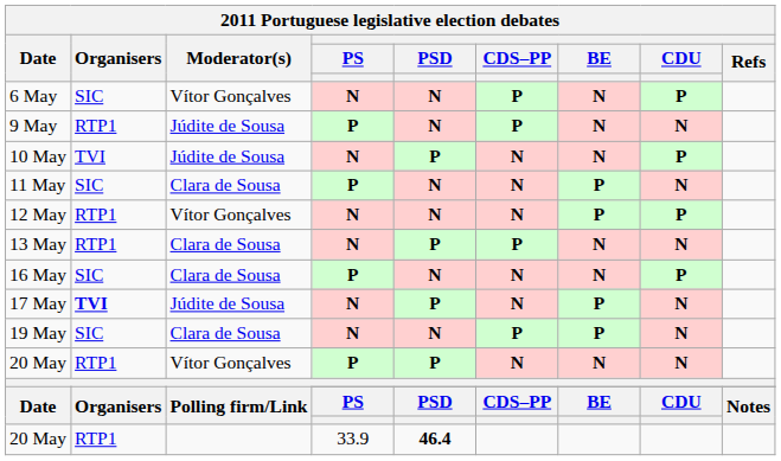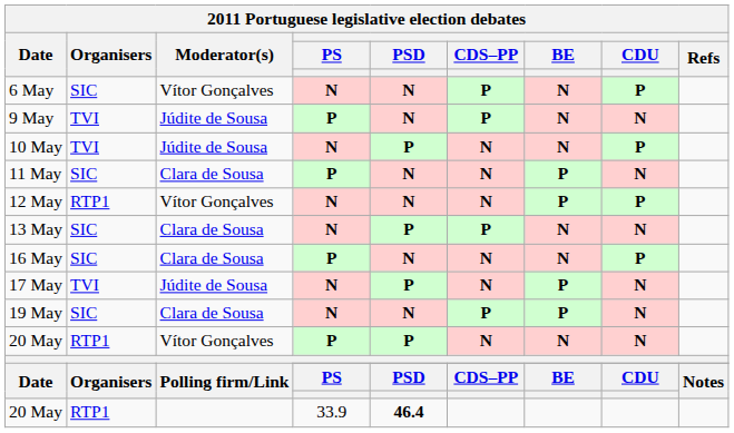 <table class="wikitable" style="font-size:98%; text-align:center;">
 <tr>
 <th colspan="21">2011 Portuguese legislative election debates</th>
 </tr>
 <tr>
 <th rowspan="3">Date</th>
 <th rowspan="3">Organisers</th>
 <th rowspan="3">Moderator(s)</th>
 <th colspan="19">      </th>
 </tr>
 <tr>
 <th scope="col" style="width:4em;"><a href='#'>PS</a><br></th>
 <th scope="col" style="width:4em;"><a href='#'>PSD</a><br></th>
 <th scope="col" style="width:4em;"><a href='#'>CDS–PP</a><br></th>
 <th scope="col" style="width:4em;"><a href='#'>BE</a><br></th>
 <th scope="col" style="width:4em;"><a href='#'>CDU</a><br></th>
 <th rowspan="2">Refs</th>
 </tr>
 <tr>
 <th style="background:"></th>
 <th style="background:"></th>
 <th style="background:"></th>
 <th style="background:"></th>
 <th style="background:"></th>
 </tr>
 <tr>
 <td style="white-space:nowrap; text-align:left;">6 May</td>
 <td style="white-space:nowrap; text-align:left;"><a href='#'>SIC</a></td>
 <td style="white-space:nowrap; text-align:left;">Vítor Gonçalves</td>
 <td style="background:#FFD0D0;"><strong>N</strong></td>
 <td style="background:#FFD0D0;"><strong>N</strong></td>
 <td style="background:#D0FFD0;"><strong>P</strong></td>
 <td style="background:#FFD0D0;"><strong>N</strong></td>
 <td style="background:#D0FFD0;"><strong>P</strong></td>
 <td></td>
 </tr>
 <tr>
 <td style="white-space:nowrap; text-align:left;">9 May</td>
-<td style="white-space:nowrap; text-align:left;"><a href='#'>RTP1</a></td>
+<td style="white-space:nowrap; text-align:left;"><a href='#'>TVI</a></td>
 <td style="white-space:nowrap; text-align:left;"><a href='#'>Júdite de Sousa</a></td>
 <td style="background:#D0FFD0;"><strong>P</strong></td>
 <td style="background:#FFD0D0;"><strong>N</strong></td>
 <td style="background:#D0FFD0;"><strong>P</strong></td>
 <td style="background:#FFD0D0;"><strong>N</strong></td>
 <td style="background:#FFD0D0;"><strong>N</strong></td>
 <td></td>
 </tr>
 <tr>
 <td style="white-space:nowrap; text-align:left;">10 May</td>
 <td style="white-space:nowrap; text-align:left;"><a href='#'>TVI</a></td>
 <td style="white-space:nowrap; text-align:left;"><a href='#'>Júdite de Sousa</a></td>
 <td style="background:#FFD0D0;"><strong>N</strong></td>
 <td style="background:#D0FFD0;"><strong>P</strong></td>
 <td style="background:#FFD0D0;"><strong>N</strong></td>
 <td style="background:#FFD0D0;"><strong>N</strong></td>
 <td style="background:#D0FFD0;"><strong>P</strong></td>
 <td></td>
 </tr>
 <tr>
 <td style="white-space:nowrap; text-align:left;">11 May</td>
 <td style="white-space:nowrap; text-align:left;"><a href='#'>SIC</a></td>
 <td style="white-space:nowrap; text-align:left;"><a href='#'>Clara de Sousa</a></td>
 <td style="background:#D0FFD0;"><strong>P</strong></td>
 <td style="background:#FFD0D0;"><strong>N</strong></td>
 <td style="background:#FFD0D0;"><strong>N</strong></td>
 <td style="background:#D0FFD0;"><strong>P</strong></td>
 <td style="background:#FFD0D0;"><strong>N</strong></td>
 <td></td>
 </tr>
 <tr>
 <td style="white-space:nowrap; text-align:left;">12 May</td>
 <td style="white-space:nowrap; text-align:left;"><a href='#'>RTP1</a></td>
 <td style="white-space:nowrap; text-align:left;">Vítor Gonçalves</td>
 <td style="background:#FFD0D0;"><strong>N</strong></td>
 <td style="background:#FFD0D0;"><strong>N</strong></td>
 <td style="background:#FFD0D0;"><strong>N</strong></td>
 <td style="background:#D0FFD0;"><strong>P</strong></td>
 <td style="background:#D0FFD0;"><strong>P</strong></td>
 <td></td>
 </tr>
 <tr>
 <td style="white-space:nowrap; text-align:left;">13 May</td>
-<td style="white-space:nowrap; text-align:left;"><a href='#'>RTP1</a></td>
+<td style="white-space:nowrap; text-align:left;"><a href='#'>SIC</a></td>
 <td style="white-space:nowrap; text-align:left;"><a href='#'>Clara de Sousa</a></td>
 <td style="background:#FFD0D0;"><strong>N</strong></td>
 <td style="background:#D0FFD0;"><strong>P</strong></td>
 <td style="background:#D0FFD0;"><strong>P</strong></td>
 <td style="background:#FFD0D0;"><strong>N</strong></td>
 <td style="background:#FFD0D0;"><strong>N</strong></td>
 <td></td>
 </tr>
 <tr>
 <td style="white-space:nowrap; text-align:left;">16 May</td>
 <td style="white-space:nowrap; text-align:left;"><a href='#'>SIC</a></td>
 <td style="white-space:nowrap; text-align:left;"><a href='#'>Clara de Sousa</a></td>
 <td style="background:#D0FFD0;"><strong>P</strong></td>
 <td style="background:#FFD0D0;"><strong>N</strong></td>
 <td style="background:#FFD0D0;"><strong>N</strong></td>
 <td style="background:#FFD0D0;"><strong>N</strong></td>
 <td style="background:#D0FFD0;"><strong>P</strong></td>
 <td></td>
 </tr>
 <tr>
 <td style="white-space:nowrap; text-align:left;">17 May</td>
-<td style="white-space:nowrap; text-align:left;"><strong><a href='#'>TVI</a></strong></td>
+<td style="white-space:nowrap; text-align:left;"><a href='#'>TVI</a></td>
 <td style="white-space:nowrap; text-align:left;"><a href='#'>Júdite de Sousa</a></td>
 <td style="background:#FFD0D0;"><strong>N</strong></td>
 <td style="background:#D0FFD0;"><strong>P</strong></td>
 <td style="background:#FFD0D0;"><strong>N</strong></td>
 <td style="background:#D0FFD0;"><strong>P</strong></td>
 <td style="background:#FFD0D0;"><strong>N</strong></td>
 <td></td>
 </tr>
 <tr>
 <td style="white-space:nowrap; text-align:left;">19 May</td>
 <td style="white-space:nowrap; text-align:left;"><a href='#'>SIC</a></td>
 <td style="white-space:nowrap; text-align:left;"><a href='#'>Clara de Sousa</a></td>
 <td style="background:#FFD0D0;"><strong>N</strong></td>
 <td style="background:#FFD0D0;"><strong>N</strong></td>
 <td style="background:#D0FFD0;"><strong>P</strong></td>
 <td style="background:#D0FFD0;"><strong>P</strong></td>
 <td style="background:#FFD0D0;"><strong>N</strong></td>
 <td></td>
 </tr>
 <tr>
 <td style="white-space:nowrap; text-align:left;">20 May</td>
 <td style="white-space:nowrap; text-align:left;"><a href='#'>RTP1</a></td>
 <td style="white-space:nowrap; text-align:left;">Vítor Gonçalves</td>
 <td style="background:#D0FFD0;"><strong>P</strong></td>
 <td style="background:#D0FFD0;"><strong>P</strong></td>
 <td style="background:#FFD0D0;"><strong>N</strong></td>
 <td style="background:#FFD0D0;"><strong>N</strong></td>
 <td style="background:#FFD0D0;"><strong>N</strong></td>
 <td></td>
 </tr>
 <tr>
 <th colspan="9"></th>
 </tr>
 <tr>
 <th rowspan="3">Date</th>
 <th rowspan="3">Organisers</th>
 <th rowspan="3">Polling firm/Link</th>
 </tr>
 <tr>
 <th scope="col" style="width:4em;"><a href='#'>PS</a></th>
 <th scope="col" style="width:4em;"><a href='#'>PSD</a></th>
 <th scope="col" style="width:4em;"><a href='#'>CDS–PP</a></th>
 <th scope="col" style="width:4em;"><a href='#'>BE</a></th>
 <th scope="col" style="width:4em;"><a href='#'>CDU</a></th>
 <th rowspan="2">Notes</th>
 </tr>
 <tr>
 <th style="background:"></th>
 <th style="background:"></th>
 <th style="background:"></th>
 <th style="background:"></th>
 <th style="background:"></th>
 </tr>
 <tr>
 <td style="white-space:nowrap; text-align:left;">20 May</td>
 <td style="white-space:nowrap; text-align:left;"><a href='#'>RTP1</a></td>
 <td></td>
 <td>33.9</td>
 <td><strong>46.4</strong></td>
 <td></td>
 <td></td>
 <td></td>
 <td></td>
 </tr>
 </table>
